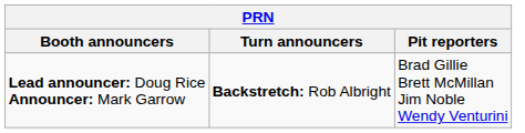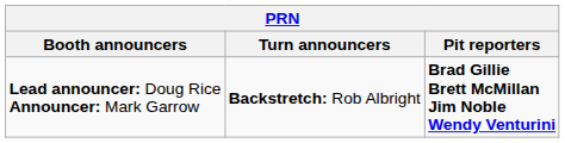 <table class="wikitable" style="font-size: 95%">
 <tr>
 <th colspan="3"><a href='#'>PRN</a></th>
 </tr>
 <tr>
 <th>Booth announcers</th>
 <th>Turn announcers</th>
 <th>Pit reporters</th>
 </tr>
 <tr>
 <td><strong>Lead announcer:</strong> Doug Rice<br><strong>Announcer:</strong> Mark Garrow</td>
 <td><strong>Backstretch:</strong> Rob Albright</td>
-<td>Brad Gillie<br>Brett McMillan<br>Jim Noble<br><a href='#'>Wendy Venturini</a></td>
+<td><strong>Brad Gillie<br>Brett McMillan<br>Jim Noble<br><a href='#'>Wendy Venturini</a></strong></td>
 </tr>
 </table>
